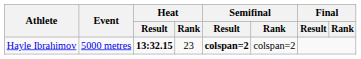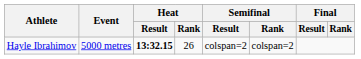 <table class=wikitable style=font-size:90%>
 <tr>
 <th rowspan=2>Athlete</th>
 <th rowspan=2>Event</th>
 <th colspan=2>Heat</th>
 <th colspan=2>Semifinal</th>
 <th colspan=2>Final</th>
 </tr>
 <tr style=font-size:95%>
 <th>Result</th>
 <th>Rank</th>
 <th>Result</th>
 <th>Rank</th>
 <th>Result</th>
 <th>Rank</th>
 </tr>
 <tr align=center>
 <td align=left><a href='#'>Hayle Ibrahimov</a></td>
 <td align=left><a href='#'>5000 metres</a></td>
 <td><strong>13:32.15</strong></td>
-<td>23</td>
-<td><strong>colspan=2 </strong></td>
+<td>26</td>
+<td>colspan=2 </td>
 <td>colspan=2 </td>
 </tr>
 </table>
